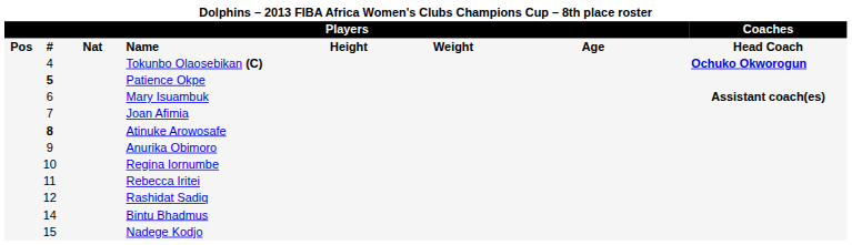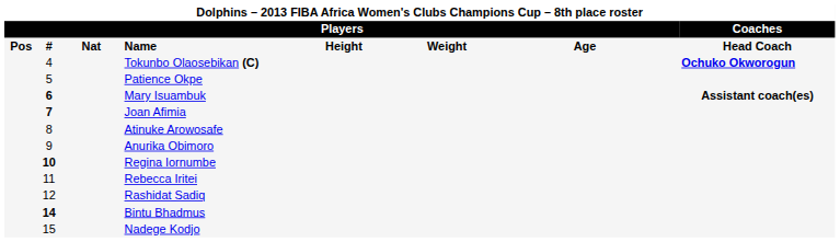 <table border=0 cellpadding=2 cellspacing=0  |- bgcolor=#f5f5f5 style="text-align:center; font-size:85%;" width=75%>
 <tr>
 <td colspan="8" style="background: white; color: black"><strong>Dolphins – 2013 FIBA Africa Women's Clubs Champions Cup – 8th place roster</strong></td>
 </tr>
 <tr>
 <td colspan="7" style="background: black; color: white"><strong>Players</strong></td>
 <td style="background: black; color: white"><strong>Coaches</strong></td>
 </tr>
 <tr style="background=#f5f5f5; color: black">
 <th width=5px>Pos</th>
 <th width=5px>#</th>
 <th width=50px>Nat</th>
 <th width=135px align=left>Name</th>
 <th width=100px>Height</th>
 <th width=70px>Weight</th>
 <th width=160px>Age</th>
 <th width=130px>Head Coach</th>
 </tr>
 <tr>
 <td></td>
 <td>4</td>
 <td></td>
 <td align=left><a href='#'>Tokunbo Olaosebikan</a> <strong>(C)</strong></td>
 <td><span></span></td>
 <td><span></span></td>
 <td><span></span></td>
 <td align=left><strong> <a href='#'>Ochuko Okworogun</a></strong></td>
 </tr>
 <tr>
 <td></td>
-<td><strong>5</strong></td>
+<td>5</td>
 <td></td>
 <td align=left><a href='#'>Patience Okpe</a></td>
 <td></td>
 <td></td>
 <td><span></span></td>
 </tr>
 <tr>
 <td></td>
-<td>6</td>
+<td><strong>6</strong></td>
 <td></td>
 <td align=left><a href='#'>Mary Isuambuk</a></td>
 <td></td>
 <td></td>
 <td><span></span></td>
 <td><strong>Assistant coach(es)</strong></td>
 </tr>
 <tr>
 <td></td>
-<td>7</td>
+<td><strong>7</strong></td>
 <td></td>
 <td align=left><a href='#'>Joan Afimia</a></td>
 <td></td>
 <td><span></span></td>
 <td></td>
 <td align=left></td>
 </tr>
 <tr>
 <td></td>
-<td><strong>8</strong></td>
+<td>8</td>
 <td></td>
 <td align=left><a href='#'>Atinuke Arowosafe</a></td>
 <td><span></span></td>
 <td><span></span></td>
 <td><span></span></td>
 </tr>
 <tr>
 <td></td>
 <td>9</td>
 <td></td>
 <td align=left><a href='#'>Anurika Obimoro</a></td>
 <td><span></span></td>
 <td><span></span></td>
 <td></td>
 </tr>
 <tr>
 <td></td>
-<td>10</td>
+<td><strong>10</strong></td>
 <td></td>
 <td align=left><a href='#'>Regina Iornumbe</a></td>
 <td></td>
 <td></td>
 <td></td>
 </tr>
 <tr>
 <td></td>
 <td>11</td>
 <td></td>
 <td align=left><a href='#'>Rebecca Iritei</a></td>
 <td></td>
 <td></td>
 <td><span></span></td>
 </tr>
 <tr>
 <td></td>
 <td>12</td>
 <td></td>
 <td align=left><a href='#'>Rashidat Sadiq</a></td>
 <td><span></span></td>
 <td><span></span></td>
 <td><span></span></td>
 </tr>
 <tr>
 <td></td>
-<td>14</td>
+<td><strong>14</strong></td>
 <td></td>
 <td align=left><a href='#'>Bintu Bhadmus</a></td>
 <td><span></span></td>
 <td><span></span></td>
 <td><span></span></td>
 </tr>
 <tr>
 <td></td>
 <td>15</td>
 <td></td>
 <td align=left><a href='#'>Nadege Kodjo</a></td>
 <td><span></span></td>
 <td><span></span></td>
 <td></td>
 </tr>
 </table>
